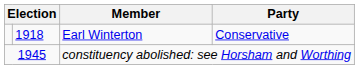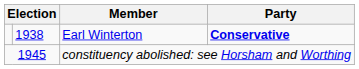 <table class="wikitable">
 <tr>
 <th colspan="2">Election</th>
 <th>Member</th>
 <th>Party</th>
 </tr>
 <tr>
 <td style="color:inherit;background-color: "></td>
-<td><a href='#'>1918</a></td>
+<td><a href='#'>1938</a></td>
 <td><a href='#'>Earl Winterton</a></td>
-<td><a href='#'>Conservative</a></td>
+<td><strong><a href='#'>Conservative</a></strong></td>
 </tr>
 <tr>
 <td colspan="2" align="center"><a href='#'>1945</a></td>
 <td colspan="2"><em>constituency abolished: see <a href='#'>Horsham</a> and <a href='#'>Worthing</a></em></td>
 </tr>
 </table>
